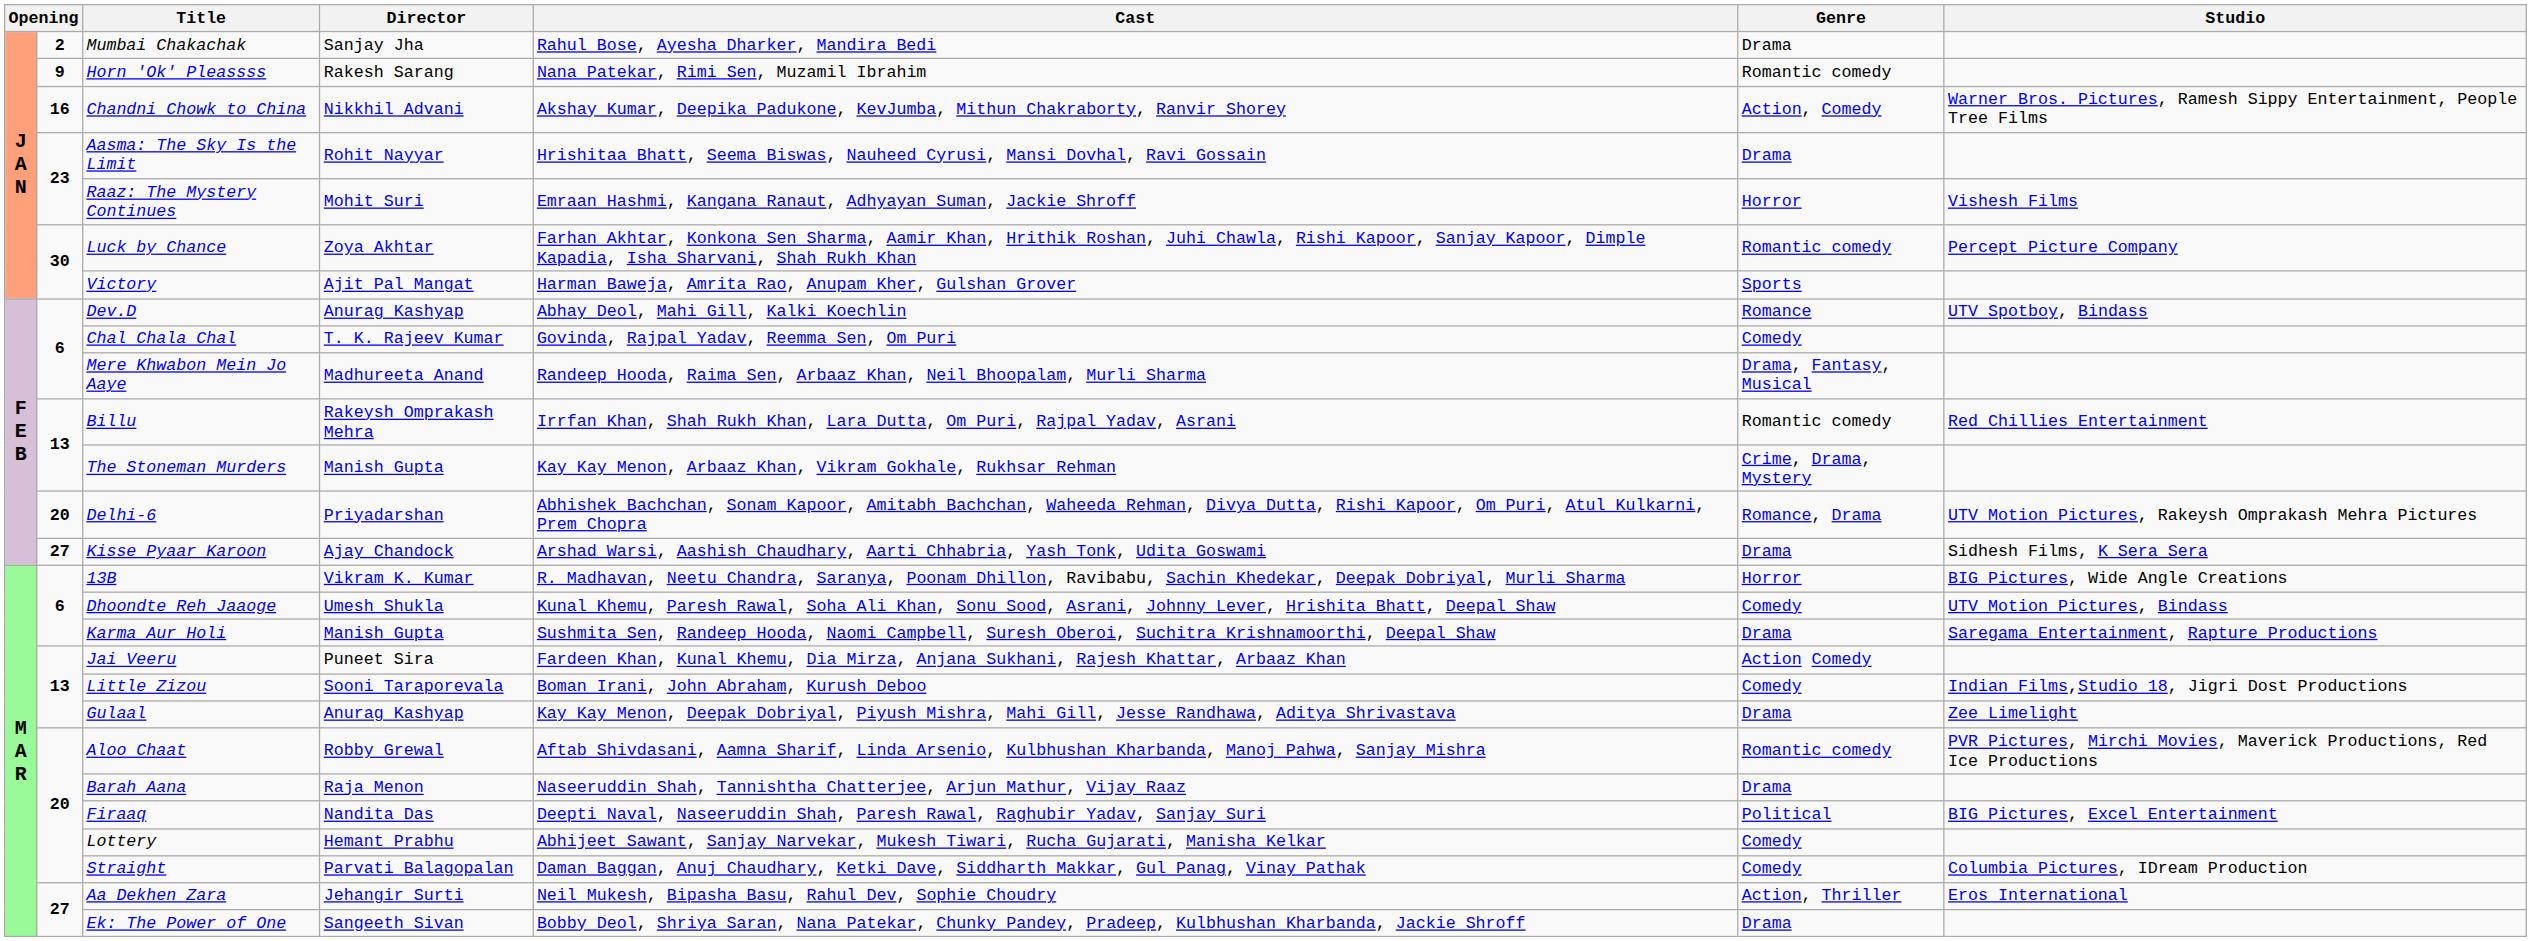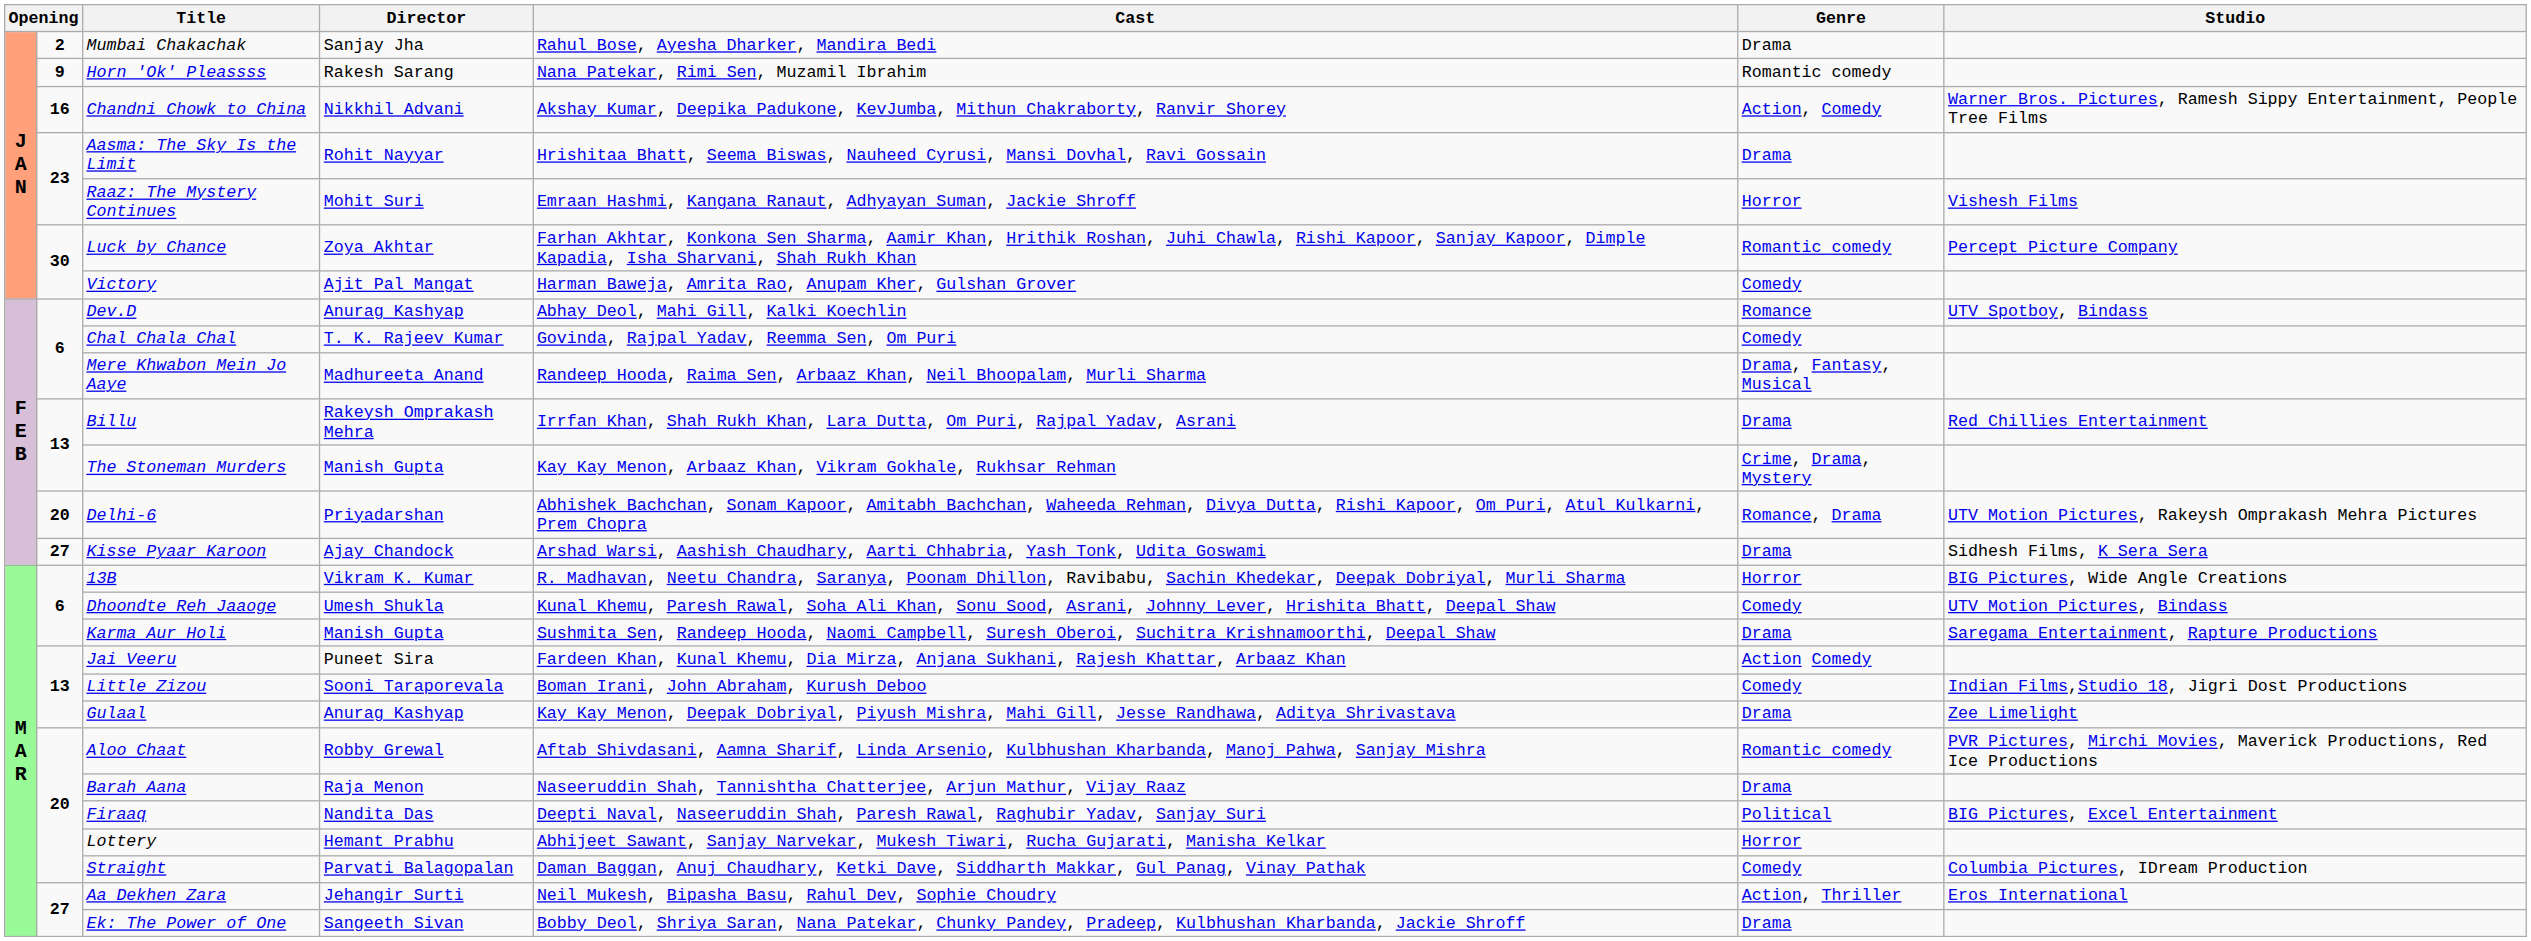 <table class="wikitable sortable">
 <tr>
 <th colspan="2">Opening</th>
 <th>Title</th>
 <th>Director</th>
 <th>Cast</th>
 <th>Genre</th>
 <th>Studio</th>
 </tr>
 <tr January>
 <td rowspan="7" valign="center" align="center" style="background:#FFA07A; textcolor:#000;"><big><strong>J<br>A<br>N</strong></big></td>
 <td align="center"><strong>2</strong></td>
 <td><em>Mumbai Chakachak</em></td>
 <td>Sanjay Jha</td>
 <td><a href='#'>Rahul Bose</a>, <a href='#'>Ayesha Dharker</a>, <a href='#'>Mandira Bedi</a></td>
 <td>Drama</td>
 <td></td>
 </tr>
 <tr>
 <td align="center"><strong>9</strong></td>
 <td><em><a href='#'>Horn 'Ok' Pleassss</a></em></td>
 <td>Rakesh Sarang</td>
 <td><a href='#'>Nana Patekar</a>, <a href='#'>Rimi Sen</a>, Muzamil Ibrahim</td>
 <td>Romantic comedy</td>
 <td></td>
 </tr>
 <tr>
 <td rowspan="1" align="center"><strong>16</strong></td>
 <td><em><a href='#'>Chandni Chowk to China</a></em></td>
 <td><a href='#'>Nikkhil Advani</a></td>
 <td><a href='#'>Akshay Kumar</a>, <a href='#'>Deepika Padukone</a>, <a href='#'>KevJumba</a>, <a href='#'>Mithun Chakraborty</a>, <a href='#'>Ranvir Shorey</a></td>
 <td><a href='#'>Action</a>, <a href='#'>Comedy</a></td>
 <td><a href='#'>Warner Bros. Pictures</a>, Ramesh Sippy Entertainment, People Tree Films</td>
 </tr>
 <tr>
 <td rowspan="2" align="center"><strong>23</strong></td>
 <td><em><a href='#'>Aasma: The Sky Is the Limit</a></em></td>
 <td><a href='#'>Rohit Nayyar</a></td>
 <td><a href='#'>Hrishitaa Bhatt</a>, <a href='#'>Seema Biswas</a>, <a href='#'>Nauheed Cyrusi</a>, <a href='#'>Mansi Dovhal</a>, <a href='#'>Ravi Gossain</a></td>
 <td><a href='#'>Drama</a></td>
 <td></td>
 </tr>
 <tr>
 <td><em><a href='#'>Raaz: The Mystery Continues</a></em></td>
 <td><a href='#'>Mohit Suri</a></td>
 <td><a href='#'>Emraan Hashmi</a>, <a href='#'>Kangana Ranaut</a>, <a href='#'>Adhyayan Suman</a>, <a href='#'>Jackie Shroff</a></td>
 <td><a href='#'>Horror</a></td>
 <td><a href='#'>Vishesh Films</a></td>
 </tr>
 <tr>
 <td rowspan="2" align="center"><strong>30</strong></td>
 <td><em><a href='#'>Luck by Chance</a></em></td>
 <td><a href='#'>Zoya Akhtar</a></td>
 <td><a href='#'>Farhan Akhtar</a>, <a href='#'>Konkona Sen Sharma</a>, <a href='#'>Aamir Khan</a>, <a href='#'>Hrithik Roshan</a>, <a href='#'>Juhi Chawla</a>, <a href='#'>Rishi Kapoor</a>, <a href='#'>Sanjay Kapoor</a>, <a href='#'>Dimple Kapadia</a>, <a href='#'>Isha Sharvani</a>, <a href='#'>Shah Rukh Khan</a></td>
 <td><a href='#'>Romantic comedy</a></td>
 <td><a href='#'>Percept Picture Company</a></td>
 </tr>
 <tr>
 <td><em><a href='#'>Victory</a></em></td>
 <td><a href='#'>Ajit Pal Mangat</a></td>
 <td><a href='#'>Harman Baweja</a>, <a href='#'>Amrita Rao</a>, <a href='#'>Anupam Kher</a>, <a href='#'>Gulshan Grover</a></td>
-<td><a href='#'>Sports</a></td>
+<td><a href='#'>Comedy</a></td>
 <td></td>
 </tr>
 <tr February>
 <td rowspan="7" valign="center" align="center" style="background:#D8BFD8; textcolor:#000;"><big><strong>F<br>E<br>B</strong></big></td>
 <td rowspan="3" align="center"><strong>6</strong></td>
 <td><em><a href='#'>Dev.D</a></em></td>
 <td><a href='#'>Anurag Kashyap</a></td>
 <td><a href='#'>Abhay Deol</a>, <a href='#'>Mahi Gill</a>, <a href='#'>Kalki Koechlin</a></td>
 <td><a href='#'>Romance</a></td>
 <td><a href='#'>UTV Spotboy</a>, <a href='#'>Bindass</a></td>
 </tr>
 <tr>
 <td><em><a href='#'>Chal Chala Chal</a></em></td>
 <td><a href='#'>T. K. Rajeev Kumar</a></td>
 <td><a href='#'>Govinda</a>, <a href='#'>Rajpal Yadav</a>, <a href='#'>Reemma Sen</a>, <a href='#'>Om Puri</a></td>
 <td><a href='#'>Comedy</a></td>
 <td></td>
 </tr>
 <tr>
 <td><em><a href='#'>Mere Khwabon Mein Jo Aaye</a></em></td>
 <td><a href='#'>Madhureeta Anand</a></td>
 <td><a href='#'>Randeep Hooda</a>, <a href='#'>Raima Sen</a>, <a href='#'>Arbaaz Khan</a>, <a href='#'>Neil Bhoopalam</a>, <a href='#'>Murli Sharma</a></td>
 <td><a href='#'>Drama</a>, <a href='#'>Fantasy</a>, <a href='#'>Musical</a></td>
 <td></td>
 </tr>
 <tr>
 <td rowspan="2" align="center"><strong>13</strong></td>
 <td><em><a href='#'>Billu</a></em></td>
 <td><a href='#'>Rakeysh Omprakash Mehra</a></td>
 <td><a href='#'>Irrfan Khan</a>, <a href='#'>Shah Rukh Khan</a>, <a href='#'>Lara Dutta</a>, <a href='#'>Om Puri</a>, <a href='#'>Rajpal Yadav</a>, <a href='#'>Asrani</a></td>
-<td>Romantic comedy</td>
+<td><a href='#'>Drama</a></td>
 <td><a href='#'>Red Chillies Entertainment</a></td>
 </tr>
 <tr>
 <td><em><a href='#'>The Stoneman Murders</a></em></td>
 <td><a href='#'>Manish Gupta</a></td>
 <td><a href='#'>Kay Kay Menon</a>, <a href='#'>Arbaaz Khan</a>, <a href='#'>Vikram Gokhale</a>, <a href='#'>Rukhsar Rehman</a></td>
 <td><a href='#'>Crime</a>, <a href='#'>Drama</a>, <a href='#'>Mystery</a></td>
 <td></td>
 </tr>
 <tr>
 <td rowspan="1" align="center"><strong>20</strong></td>
 <td><em><a href='#'>Delhi-6</a></em></td>
 <td><a href='#'>Priyadarshan</a></td>
 <td><a href='#'>Abhishek Bachchan</a>, <a href='#'>Sonam Kapoor</a>, <a href='#'>Amitabh Bachchan</a>, <a href='#'>Waheeda Rehman</a>, <a href='#'>Divya Dutta</a>, <a href='#'>Rishi Kapoor</a>, <a href='#'>Om Puri</a>, <a href='#'>Atul Kulkarni</a>, <a href='#'>Prem Chopra</a></td>
 <td><a href='#'>Romance</a>, <a href='#'>Drama</a></td>
 <td><a href='#'>UTV Motion Pictures</a>, Rakeysh Omprakash Mehra Pictures</td>
 </tr>
 <tr>
 <td rowspan="1" align="center"><strong>27</strong></td>
 <td><em><a href='#'>Kisse Pyaar Karoon</a></em></td>
 <td><a href='#'>Ajay Chandock</a></td>
 <td><a href='#'>Arshad Warsi</a>, <a href='#'>Aashish Chaudhary</a>, <a href='#'>Aarti Chhabria</a>, <a href='#'>Yash Tonk</a>, <a href='#'>Udita Goswami</a></td>
 <td><a href='#'>Drama</a></td>
 <td>Sidhesh Films, <a href='#'>K Sera Sera</a></td>
 </tr>
 <tr March>
 <td rowspan="15" valign="center" align="center" style="background:#98FB98; textcolor:#000;"><big><strong>M<br>A<br>R</strong></big></td>
 <td rowspan="3" align="center"><strong>6</strong></td>
 <td><em><a href='#'>13B</a></em></td>
 <td><a href='#'>Vikram K. Kumar</a></td>
 <td><a href='#'>R. Madhavan</a>, <a href='#'>Neetu Chandra</a>, <a href='#'>Saranya</a>, <a href='#'>Poonam Dhillon</a>, Ravibabu, <a href='#'>Sachin Khedekar</a>, <a href='#'>Deepak Dobriyal</a>, <a href='#'>Murli Sharma</a></td>
 <td><a href='#'>Horror</a></td>
 <td><a href='#'>BIG Pictures</a>, Wide Angle Creations</td>
 </tr>
 <tr>
 <td><em><a href='#'>Dhoondte Reh Jaaoge</a></em></td>
 <td><a href='#'>Umesh Shukla</a></td>
 <td><a href='#'>Kunal Khemu</a>, <a href='#'>Paresh Rawal</a>, <a href='#'>Soha Ali Khan</a>, <a href='#'>Sonu Sood</a>, <a href='#'>Asrani</a>, <a href='#'>Johnny Lever</a>, <a href='#'>Hrishita Bhatt</a>, <a href='#'>Deepal Shaw</a></td>
 <td><a href='#'>Comedy</a></td>
 <td><a href='#'>UTV Motion Pictures</a>, <a href='#'>Bindass</a></td>
 </tr>
 <tr>
 <td><em><a href='#'>Karma Aur Holi</a></em></td>
 <td><a href='#'>Manish Gupta</a></td>
 <td><a href='#'>Sushmita Sen</a>, <a href='#'>Randeep Hooda</a>, <a href='#'>Naomi Campbell</a>, <a href='#'>Suresh Oberoi</a>, <a href='#'>Suchitra Krishnamoorthi</a>, <a href='#'>Deepal Shaw</a></td>
 <td><a href='#'>Drama</a></td>
 <td><a href='#'>Saregama Entertainment</a>, <a href='#'>Rapture Productions</a></td>
 </tr>
 <tr>
 <td rowspan="3" align="center"><strong>13</strong></td>
 <td><em><a href='#'>Jai Veeru</a></em></td>
 <td>Puneet Sira</td>
 <td><a href='#'>Fardeen Khan</a>, <a href='#'>Kunal Khemu</a>, <a href='#'>Dia Mirza</a>, <a href='#'>Anjana Sukhani</a>, <a href='#'>Rajesh Khattar</a>, <a href='#'>Arbaaz Khan</a></td>
 <td><a href='#'>Action</a> <a href='#'>Comedy</a></td>
 <td></td>
 </tr>
 <tr>
 <td><em><a href='#'>Little Zizou</a></em></td>
 <td><a href='#'>Sooni Taraporevala</a></td>
 <td><a href='#'>Boman Irani</a>, <a href='#'>John Abraham</a>, <a href='#'>Kurush Deboo</a></td>
 <td><a href='#'>Comedy</a></td>
 <td><a href='#'>Indian Films</a>,<a href='#'>Studio 18</a>, Jigri Dost Productions</td>
 </tr>
 <tr>
 <td><em><a href='#'>Gulaal</a></em></td>
 <td><a href='#'>Anurag Kashyap</a></td>
 <td><a href='#'>Kay Kay Menon</a>, <a href='#'>Deepak Dobriyal</a>, <a href='#'>Piyush Mishra</a>, <a href='#'>Mahi Gill</a>, <a href='#'>Jesse Randhawa</a>, <a href='#'>Aditya Shrivastava</a></td>
 <td><a href='#'>Drama</a></td>
 <td><a href='#'>Zee Limelight</a></td>
 </tr>
 <tr>
 <td rowspan="5" align="center"><strong>20</strong></td>
 <td><em><a href='#'>Aloo Chaat</a></em></td>
 <td><a href='#'>Robby Grewal</a></td>
 <td><a href='#'>Aftab Shivdasani</a>, <a href='#'>Aamna Sharif</a>, <a href='#'>Linda Arsenio</a>, <a href='#'>Kulbhushan Kharbanda</a>, <a href='#'>Manoj Pahwa</a>, <a href='#'>Sanjay Mishra</a></td>
 <td><a href='#'>Romantic comedy</a></td>
 <td><a href='#'>PVR Pictures</a>, <a href='#'>Mirchi Movies</a>, Maverick Productions, Red Ice Productions</td>
 </tr>
 <tr>
 <td><em><a href='#'>Barah Aana</a></em></td>
 <td><a href='#'>Raja Menon</a></td>
 <td><a href='#'>Naseeruddin Shah</a>, <a href='#'>Tannishtha Chatterjee</a>, <a href='#'>Arjun Mathur</a>, <a href='#'>Vijay Raaz</a></td>
 <td><a href='#'>Drama</a></td>
 <td></td>
 </tr>
 <tr>
 <td><em><a href='#'>Firaaq</a></em></td>
 <td><a href='#'>Nandita Das</a></td>
 <td><a href='#'>Deepti Naval</a>, <a href='#'>Naseeruddin Shah</a>, <a href='#'>Paresh Rawal</a>, <a href='#'>Raghubir Yadav</a>, <a href='#'>Sanjay Suri</a></td>
 <td><a href='#'>Political</a></td>
 <td><a href='#'>BIG Pictures</a>, <a href='#'>Excel Entertainment</a></td>
 </tr>
 <tr>
 <td><em>Lottery</em></td>
 <td><a href='#'>Hemant Prabhu</a></td>
 <td><a href='#'>Abhijeet Sawant</a>, <a href='#'>Sanjay Narvekar</a>, <a href='#'>Mukesh Tiwari</a>, <a href='#'>Rucha Gujarati</a>, <a href='#'>Manisha Kelkar</a></td>
-<td><a href='#'>Comedy</a></td>
+<td><a href='#'>Horror</a></td>
 <td></td>
 </tr>
 <tr>
 <td><em><a href='#'>Straight</a></em></td>
 <td><a href='#'>Parvati Balagopalan</a></td>
 <td><a href='#'>Daman Baggan</a>, <a href='#'>Anuj Chaudhary</a>, <a href='#'>Ketki Dave</a>, <a href='#'>Siddharth Makkar</a>, <a href='#'>Gul Panag</a>, <a href='#'>Vinay Pathak</a></td>
 <td><a href='#'>Comedy</a></td>
 <td><a href='#'>Columbia Pictures</a>, IDream Production</td>
 </tr>
 <tr>
 <td rowspan="2" align="center"><strong>27</strong></td>
 <td><em><a href='#'>Aa Dekhen Zara</a></em></td>
 <td><a href='#'>Jehangir Surti</a></td>
 <td><a href='#'>Neil Mukesh</a>, <a href='#'>Bipasha Basu</a>, <a href='#'>Rahul Dev</a>, <a href='#'>Sophie Choudry</a></td>
 <td><a href='#'>Action</a>, <a href='#'>Thriller</a></td>
 <td><a href='#'>Eros International</a></td>
 </tr>
 <tr>
 <td><em><a href='#'>Ek: The Power of One</a></em></td>
 <td><a href='#'>Sangeeth Sivan</a></td>
 <td><a href='#'>Bobby Deol</a>, <a href='#'>Shriya Saran</a>, <a href='#'>Nana Patekar</a>, <a href='#'>Chunky Pandey</a>, <a href='#'>Pradeep</a>, <a href='#'>Kulbhushan Kharbanda</a>, <a href='#'>Jackie Shroff</a></td>
 <td><a href='#'>Drama</a></td>
 <td></td>
 </tr>
 </table>
